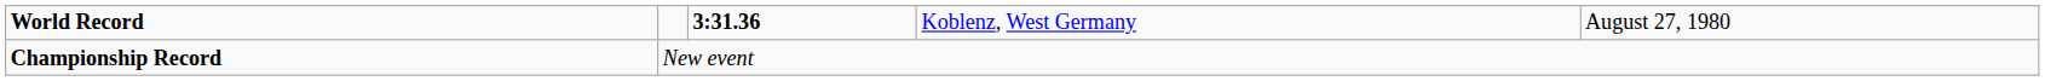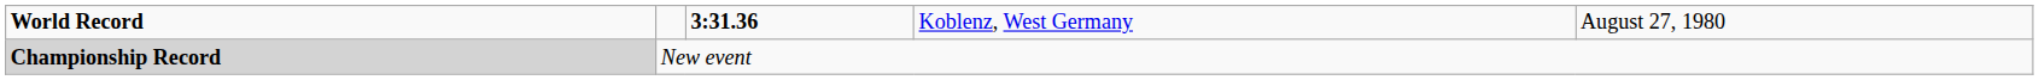 <table class="wikitable" width=75%>
 <tr>
 <td><strong>World Record</strong></td>
 <td></td>
 <td><strong>3:31.36</strong></td>
 <td><a href='#'>Koblenz</a>, <a href='#'>West Germany</a></td>
 <td>August 27, 1980</td>
 </tr>
 <tr>
-<td><strong>Championship Record</strong></td>
+<td style="background: lightgrey;"><strong>Championship Record</strong></td>
 <td colspan="4"><em>New event</em></td>
 </tr>
 </table>
